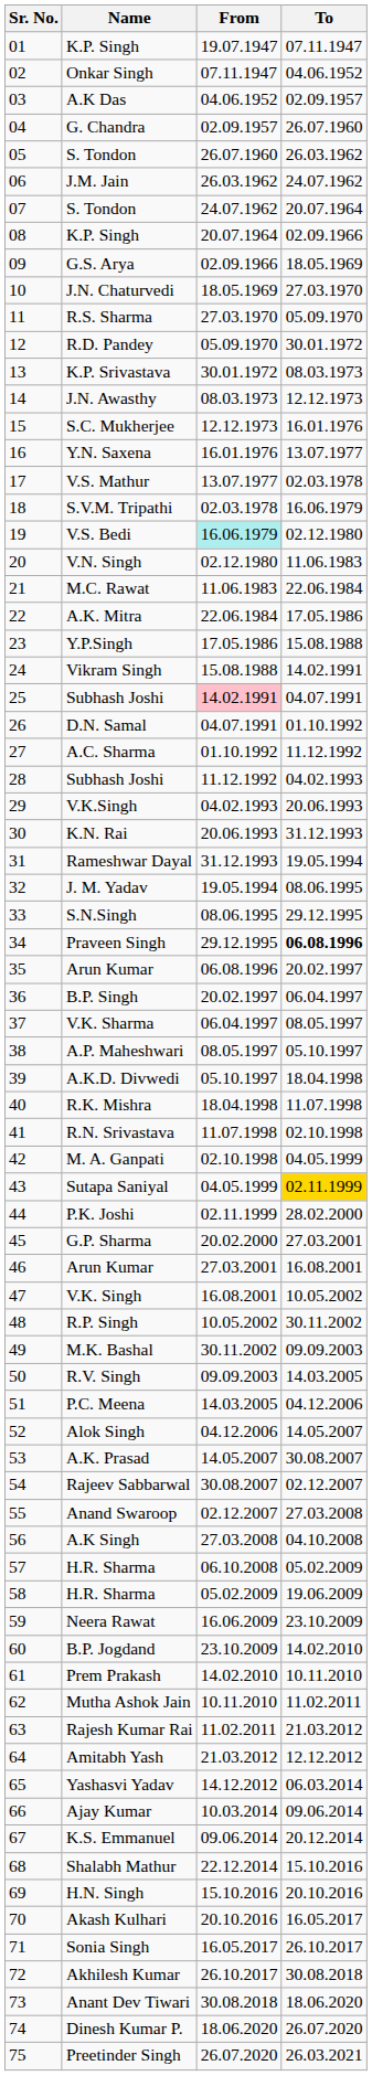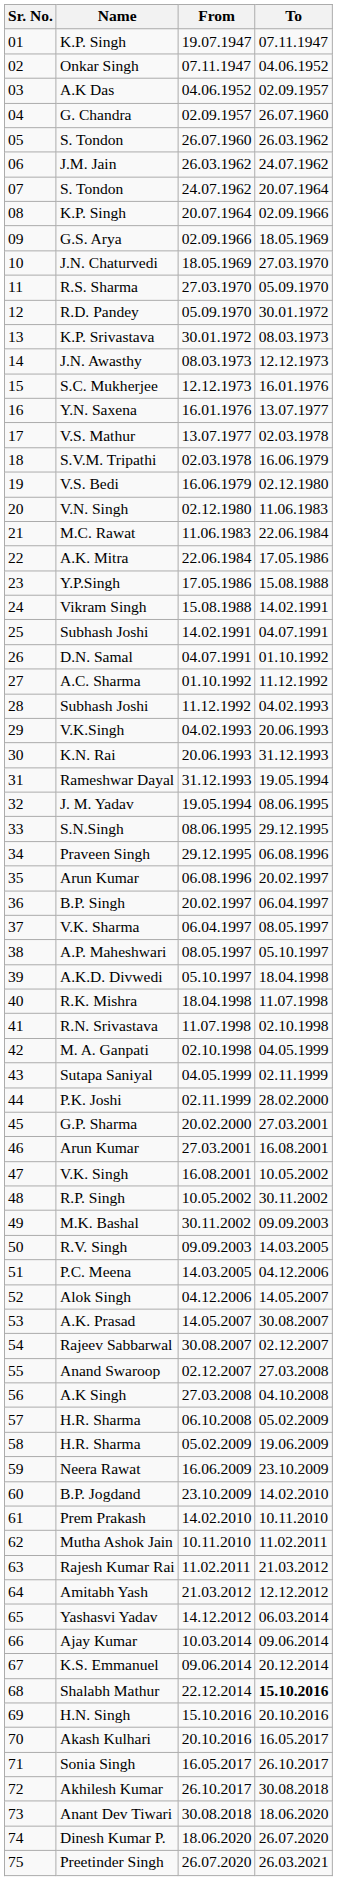 <table class="wikitable">
 <tr>
 <th>Sr. No.</th>
 <th>Name</th>
 <th>From</th>
 <th>To</th>
 </tr>
 <tr>
 <td>01</td>
 <td>K.P. Singh</td>
 <td>19.07.1947</td>
 <td>07.11.1947</td>
 </tr>
 <tr>
 <td>02</td>
 <td>Onkar Singh</td>
 <td>07.11.1947</td>
 <td>04.06.1952</td>
 </tr>
 <tr>
 <td>03</td>
 <td>A.K Das</td>
 <td>04.06.1952</td>
 <td>02.09.1957</td>
 </tr>
 <tr>
 <td>04</td>
 <td>G. Chandra</td>
 <td>02.09.1957</td>
 <td>26.07.1960</td>
 </tr>
 <tr>
 <td>05</td>
 <td>S. Tondon</td>
 <td>26.07.1960</td>
 <td>26.03.1962</td>
 </tr>
 <tr>
 <td>06</td>
 <td>J.M. Jain</td>
 <td>26.03.1962</td>
 <td>24.07.1962</td>
 </tr>
 <tr>
 <td>07</td>
 <td>S. Tondon</td>
 <td>24.07.1962</td>
 <td>20.07.1964</td>
 </tr>
 <tr>
 <td>08</td>
 <td>K.P. Singh</td>
 <td>20.07.1964</td>
 <td>02.09.1966</td>
 </tr>
 <tr>
 <td>09</td>
 <td>G.S. Arya</td>
 <td>02.09.1966</td>
 <td>18.05.1969</td>
 </tr>
 <tr>
 <td>10</td>
 <td>J.N. Chaturvedi</td>
 <td>18.05.1969</td>
 <td>27.03.1970</td>
 </tr>
 <tr>
 <td>11</td>
 <td>R.S. Sharma</td>
 <td>27.03.1970</td>
 <td>05.09.1970</td>
 </tr>
 <tr>
 <td>12</td>
 <td>R.D. Pandey</td>
 <td>05.09.1970</td>
 <td>30.01.1972</td>
 </tr>
 <tr>
 <td>13</td>
 <td>K.P. Srivastava</td>
 <td>30.01.1972</td>
 <td>08.03.1973</td>
 </tr>
 <tr>
 <td>14</td>
 <td>J.N. Awasthy</td>
 <td>08.03.1973</td>
 <td>12.12.1973</td>
 </tr>
 <tr>
 <td>15</td>
 <td>S.C. Mukherjee</td>
 <td>12.12.1973</td>
 <td>16.01.1976</td>
 </tr>
 <tr>
 <td>16</td>
 <td>Y.N. Saxena</td>
 <td>16.01.1976</td>
 <td>13.07.1977</td>
 </tr>
 <tr>
 <td>17</td>
 <td>V.S. Mathur</td>
 <td>13.07.1977</td>
 <td>02.03.1978</td>
 </tr>
 <tr>
 <td>18</td>
 <td>S.V.M. Tripathi</td>
 <td>02.03.1978</td>
 <td>16.06.1979</td>
 </tr>
 <tr>
 <td>19</td>
 <td>V.S. Bedi</td>
-<td style="background: paleturquoise;">16.06.1979</td>
+<td>16.06.1979</td>
 <td>02.12.1980</td>
 </tr>
 <tr>
 <td>20</td>
 <td>V.N. Singh</td>
 <td>02.12.1980</td>
 <td>11.06.1983</td>
 </tr>
 <tr>
 <td>21</td>
 <td>M.C. Rawat</td>
 <td>11.06.1983</td>
 <td>22.06.1984</td>
 </tr>
 <tr>
 <td>22</td>
 <td>A.K. Mitra</td>
 <td>22.06.1984</td>
 <td>17.05.1986</td>
 </tr>
 <tr>
 <td>23</td>
 <td>Y.P.Singh</td>
 <td>17.05.1986</td>
 <td>15.08.1988</td>
 </tr>
 <tr>
 <td>24</td>
 <td>Vikram Singh</td>
 <td>15.08.1988</td>
 <td>14.02.1991</td>
 </tr>
 <tr>
 <td>25</td>
 <td>Subhash Joshi</td>
-<td style="background: pink;">14.02.1991</td>
+<td>14.02.1991</td>
 <td>04.07.1991</td>
 </tr>
 <tr>
 <td>26</td>
 <td>D.N. Samal</td>
 <td>04.07.1991</td>
 <td>01.10.1992</td>
 </tr>
 <tr>
 <td>27</td>
 <td>A.C. Sharma</td>
 <td>01.10.1992</td>
 <td>11.12.1992</td>
 </tr>
 <tr>
 <td>28</td>
 <td>Subhash Joshi</td>
 <td>11.12.1992</td>
 <td>04.02.1993</td>
 </tr>
 <tr>
 <td>29</td>
 <td>V.K.Singh</td>
 <td>04.02.1993</td>
 <td>20.06.1993</td>
 </tr>
 <tr>
 <td>30</td>
 <td>K.N. Rai</td>
 <td>20.06.1993</td>
 <td>31.12.1993</td>
 </tr>
 <tr>
 <td>31</td>
 <td>Rameshwar Dayal</td>
 <td>31.12.1993</td>
 <td>19.05.1994</td>
 </tr>
 <tr>
 <td>32</td>
 <td>J. M. Yadav</td>
 <td>19.05.1994</td>
 <td>08.06.1995</td>
 </tr>
 <tr>
 <td>33</td>
 <td>S.N.Singh</td>
 <td>08.06.1995</td>
 <td>29.12.1995</td>
 </tr>
 <tr>
 <td>34</td>
 <td>Praveen Singh</td>
 <td>29.12.1995</td>
-<td><strong>06.08.1996</strong></td>
+<td>06.08.1996</td>
 </tr>
 <tr>
 <td>35</td>
 <td>Arun Kumar</td>
 <td>06.08.1996</td>
 <td>20.02.1997</td>
 </tr>
 <tr>
 <td>36</td>
 <td>B.P. Singh</td>
 <td>20.02.1997</td>
 <td>06.04.1997</td>
 </tr>
 <tr>
 <td>37</td>
 <td>V.K. Sharma</td>
 <td>06.04.1997</td>
 <td>08.05.1997</td>
 </tr>
 <tr>
 <td>38</td>
 <td>A.P. Maheshwari</td>
 <td>08.05.1997</td>
 <td>05.10.1997</td>
 </tr>
 <tr>
 <td>39</td>
 <td>A.K.D. Divwedi</td>
 <td>05.10.1997</td>
 <td>18.04.1998</td>
 </tr>
 <tr>
 <td>40</td>
 <td>R.K. Mishra</td>
 <td>18.04.1998</td>
 <td>11.07.1998</td>
 </tr>
 <tr>
 <td>41</td>
 <td>R.N. Srivastava</td>
 <td>11.07.1998</td>
 <td>02.10.1998</td>
 </tr>
 <tr>
 <td>42</td>
 <td>M. A. Ganpati</td>
 <td>02.10.1998</td>
 <td>04.05.1999</td>
 </tr>
 <tr>
 <td>43</td>
 <td>Sutapa Saniyal</td>
 <td>04.05.1999</td>
-<td style="background: gold;">02.11.1999</td>
+<td>02.11.1999</td>
 </tr>
 <tr>
 <td>44</td>
 <td>P.K. Joshi</td>
 <td>02.11.1999</td>
 <td>28.02.2000</td>
 </tr>
 <tr>
 <td>45</td>
 <td>G.P. Sharma</td>
 <td>20.02.2000</td>
 <td>27.03.2001</td>
 </tr>
 <tr>
 <td>46</td>
 <td>Arun Kumar</td>
 <td>27.03.2001</td>
 <td>16.08.2001</td>
 </tr>
 <tr>
 <td>47</td>
 <td>V.K. Singh</td>
 <td>16.08.2001</td>
 <td>10.05.2002</td>
 </tr>
 <tr>
 <td>48</td>
 <td>R.P. Singh</td>
 <td>10.05.2002</td>
 <td>30.11.2002</td>
 </tr>
 <tr>
 <td>49</td>
 <td>M.K. Bashal</td>
 <td>30.11.2002</td>
 <td>09.09.2003</td>
 </tr>
 <tr>
 <td>50</td>
 <td>R.V. Singh</td>
 <td>09.09.2003</td>
 <td>14.03.2005</td>
 </tr>
 <tr>
 <td>51</td>
 <td>P.C. Meena</td>
 <td>14.03.2005</td>
 <td>04.12.2006</td>
 </tr>
 <tr>
 <td>52</td>
 <td>Alok Singh</td>
 <td>04.12.2006</td>
 <td>14.05.2007</td>
 </tr>
 <tr>
 <td>53</td>
 <td>A.K. Prasad</td>
 <td>14.05.2007</td>
 <td>30.08.2007</td>
 </tr>
 <tr>
 <td>54</td>
 <td>Rajeev Sabbarwal</td>
 <td>30.08.2007</td>
 <td>02.12.2007</td>
 </tr>
 <tr>
 <td>55</td>
 <td>Anand Swaroop</td>
 <td>02.12.2007</td>
 <td>27.03.2008</td>
 </tr>
 <tr>
 <td>56</td>
 <td>A.K Singh</td>
 <td>27.03.2008</td>
 <td>04.10.2008</td>
 </tr>
 <tr>
 <td>57</td>
 <td>H.R. Sharma</td>
 <td>06.10.2008</td>
 <td>05.02.2009</td>
 </tr>
 <tr>
 <td>58</td>
 <td>H.R. Sharma</td>
 <td>05.02.2009</td>
 <td>19.06.2009</td>
 </tr>
 <tr>
 <td>59</td>
 <td>Neera Rawat</td>
 <td>16.06.2009</td>
 <td>23.10.2009</td>
 </tr>
 <tr>
 <td>60</td>
 <td>B.P. Jogdand</td>
 <td>23.10.2009</td>
 <td>14.02.2010</td>
 </tr>
 <tr>
 <td>61</td>
 <td>Prem Prakash</td>
 <td>14.02.2010</td>
 <td>10.11.2010</td>
 </tr>
 <tr>
 <td>62</td>
 <td>Mutha Ashok Jain</td>
 <td>10.11.2010</td>
 <td>11.02.2011</td>
 </tr>
 <tr>
 <td>63</td>
 <td>Rajesh Kumar Rai</td>
 <td>11.02.2011</td>
 <td>21.03.2012</td>
 </tr>
 <tr>
 <td>64</td>
 <td>Amitabh Yash</td>
 <td>21.03.2012</td>
 <td>12.12.2012</td>
 </tr>
 <tr>
 <td>65</td>
 <td>Yashasvi Yadav</td>
 <td>14.12.2012</td>
 <td>06.03.2014</td>
 </tr>
 <tr>
 <td>66</td>
 <td>Ajay Kumar</td>
 <td>10.03.2014</td>
 <td>09.06.2014</td>
 </tr>
 <tr>
 <td>67</td>
 <td>K.S. Emmanuel</td>
 <td>09.06.2014</td>
 <td>20.12.2014</td>
 </tr>
 <tr>
 <td>68</td>
 <td>Shalabh Mathur</td>
 <td>22.12.2014</td>
-<td>15.10.2016</td>
+<td><strong>15.10.2016</strong></td>
 </tr>
 <tr>
 <td>69</td>
 <td>H.N. Singh</td>
 <td>15.10.2016</td>
 <td>20.10.2016</td>
 </tr>
 <tr>
 <td>70</td>
 <td>Akash Kulhari</td>
 <td>20.10.2016</td>
 <td>16.05.2017</td>
 </tr>
 <tr>
 <td>71</td>
 <td>Sonia Singh</td>
 <td>16.05.2017</td>
 <td>26.10.2017</td>
 </tr>
 <tr>
 <td>72</td>
 <td>Akhilesh Kumar</td>
 <td>26.10.2017</td>
 <td>30.08.2018</td>
 </tr>
 <tr>
 <td>73</td>
 <td>Anant Dev Tiwari</td>
 <td>30.08.2018</td>
 <td>18.06.2020</td>
 </tr>
 <tr>
 <td>74</td>
 <td>Dinesh Kumar P.</td>
 <td>18.06.2020</td>
 <td>26.07.2020</td>
 </tr>
 <tr>
 <td>75</td>
 <td>Preetinder Singh</td>
 <td>26.07.2020</td>
 <td>26.03.2021</td>
 </tr>
 </table>
